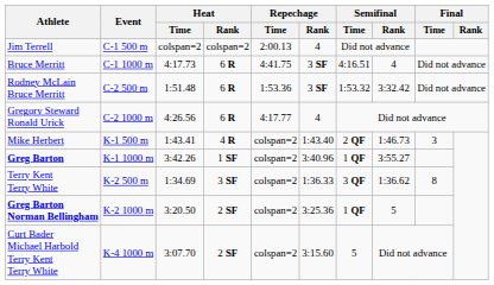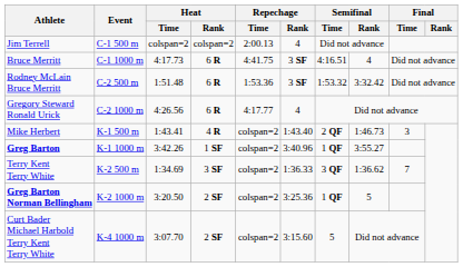 <table class=wikitable style=font-size:90%;text-align:center>
 <tr>
 <th rowspan=2>Athlete</th>
 <th rowspan=2>Event</th>
 <th colspan=2>Heat</th>
 <th colspan=2>Repechage</th>
 <th colspan=2>Semifinal</th>
 <th colspan=2>Final</th>
 </tr>
 <tr style=font-size:95%>
 <th>Time</th>
 <th>Rank</th>
 <th>Time</th>
 <th>Rank</th>
 <th>Time</th>
 <th>Rank</th>
 <th>Time</th>
 <th>Rank</th>
 </tr>
 <tr>
 <td align=left><a href='#'>Jim Terrell</a></td>
 <td align=left><a href='#'>C-1 500 m</a></td>
 <td>colspan=2 </td>
 <td>colspan=2 </td>
 <td>2:00.13</td>
 <td>4</td>
 <td colspan=2>Did not advance</td>
 </tr>
 <tr>
 <td align=left><a href='#'>Bruce Merritt</a></td>
 <td align=left><a href='#'>C-1 1000 m</a></td>
 <td>4:17.73</td>
 <td>6 <strong>R</strong></td>
 <td>4:41.75</td>
 <td>3 <strong>SF</strong></td>
 <td>4:16.51</td>
 <td>4</td>
 <td colspan=2>Did not advance</td>
 </tr>
 <tr>
 <td align=left><a href='#'>Rodney McLain</a><br><a href='#'>Bruce Merritt</a></td>
 <td align=left><a href='#'>C-2 500 m</a></td>
 <td>1:51.48</td>
 <td>6 <strong>R</strong></td>
 <td>1:53.36</td>
 <td>3 <strong>SF</strong></td>
 <td>1:53.32</td>
 <td>3:32.42</td>
 <td colspan=2>Did not advance</td>
 </tr>
 <tr>
 <td align=left><a href='#'>Gregory Steward</a><br><a href='#'>Ronald Urick</a></td>
 <td align=left><a href='#'>C-2 1000 m</a></td>
 <td>4:26.56</td>
 <td>6 <strong>R</strong></td>
 <td>4:17.77</td>
 <td>4</td>
 <td colspan=4>Did not advance</td>
 </tr>
 <tr>
 <td align=left><a href='#'>Mike Herbert</a></td>
 <td align=left><a href='#'>K-1 500 m</a></td>
 <td>1:43.41</td>
 <td>4 <strong>R</strong></td>
 <td>colspan=2 </td>
 <td>1:43.40</td>
 <td>2 <strong>QF</strong></td>
 <td>1:46.73</td>
 <td>3</td>
 </tr>
 <tr>
 <td align=left><strong><a href='#'>Greg Barton</a></strong></td>
 <td align=left><a href='#'>K-1 1000 m</a></td>
 <td>3:42.26</td>
 <td>1 <strong>SF</strong></td>
 <td>colspan=2 </td>
 <td>3:40.96</td>
 <td>1 <strong>QF</strong></td>
 <td>3:55.27</td>
 <td></td>
 </tr>
 <tr>
 <td align=left><a href='#'>Terry Kent</a><br><a href='#'>Terry White</a></td>
 <td align=left><a href='#'>K-2 500 m</a></td>
 <td>1:34.69</td>
 <td>3 <strong>SF</strong></td>
 <td>colspan=2 </td>
 <td>1:36.33</td>
 <td>3 <strong>QF</strong></td>
 <td>1:36.62</td>
-<td>8</td>
+<td>7</td>
 </tr>
 <tr>
 <td align=left><strong><a href='#'>Greg Barton</a><br><a href='#'>Norman Bellingham</a></strong></td>
 <td align=left><a href='#'>K-2 1000 m</a></td>
 <td>3:20.50</td>
 <td>2 <strong>SF</strong></td>
 <td>colspan=2 </td>
 <td>3:25.36</td>
 <td>1 <strong>QF</strong></td>
 <td>5</td>
 <td></td>
 </tr>
 <tr>
 <td align=left><a href='#'>Curt Bader</a><br><a href='#'>Michael Harbold</a><br><a href='#'>Terry Kent</a><br><a href='#'>Terry White</a></td>
 <td align=left><a href='#'>K-4 1000 m</a></td>
 <td>3:07.70</td>
 <td>2 <strong>SF</strong></td>
 <td>colspan=2 </td>
 <td>3:15.60</td>
 <td>5</td>
 <td colspan=2>Did not advance</td>
 </tr>
 </table>
